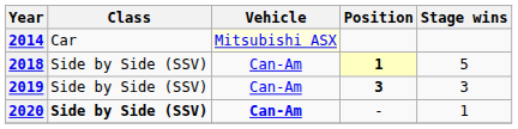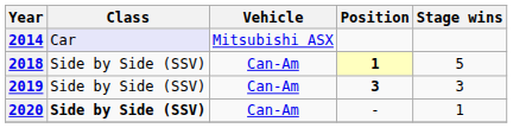 <table class="wikitable">
 <tr>
 <th>Year</th>
 <th>Class</th>
 <th>Vehicle</th>
 <th>Position</th>
 <th>Stage wins</th>
 </tr>
 <tr>
 <th><a href='#'>2014</a></th>
-<td rowspan=1>Car</td>
-<td align="center" style="background: lightyellow;"><a href='#'>Mitsubishi ASX</a></td>
+<td rowspan=1 style="background: lavender;">Car</td>
+<td align="center"><a href='#'>Mitsubishi ASX</a></td>
 <td align="center"></td>
 <td align="center"></td>
 </tr>
 <tr>
 <th><a href='#'>2018</a></th>
 <td>Side by Side (SSV)</td>
 <td align="center"><a href='#'>Can-Am</a></td>
 <td align="center" style="background:#FFFFBF;"><strong>1</strong></td>
 <td align="center">5</td>
 </tr>
 <tr>
 <th><a href='#'>2019</a></th>
 <td>Side by Side (SSV)</td>
 <td align="center"><a href='#'>Can-Am</a></td>
 <td align="center"><strong>3</strong></td>
 <td align="center">3</td>
 </tr>
 <tr>
 <th><a href='#'>2020</a></th>
 <td><strong>Side by Side (SSV)</strong></td>
-<td align="center"><strong><a href='#'>Can-Am</a></strong></td>
+<td align="center"><a href='#'>Can-Am</a></td>
 <td align="center">-</td>
 <td align="center">1</td>
 </tr>
 <tr>
 </tr>
 </table>
